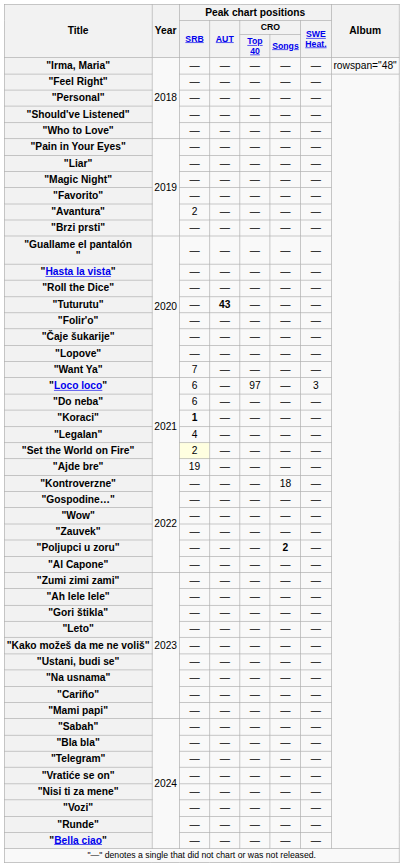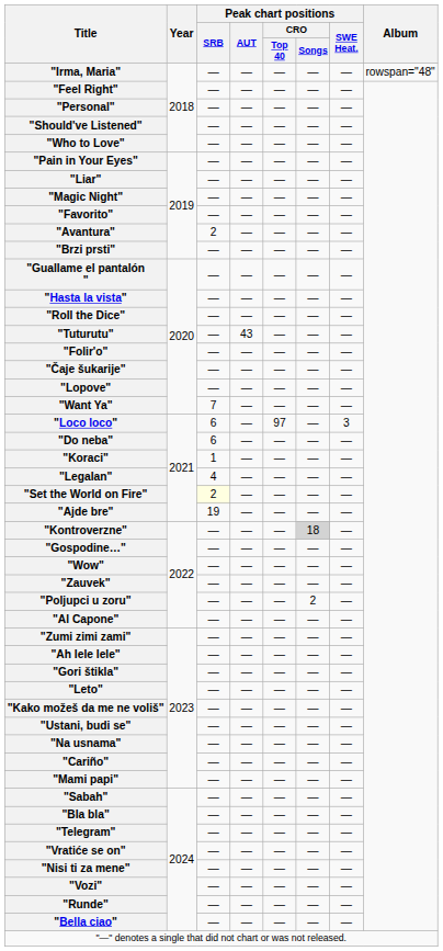 <table class="wikitable plainrowheaders" style="text-align:center;">
 <tr>
 <th rowspan="3" scope="col">Title</th>
 <th rowspan="3" scope="col">Year</th>
 <th colspan="5" scope="col">Peak chart positions</th>
 <th rowspan="3" scope="col">Album</th>
 </tr>
 <tr>
 <th rowspan="2" scope="col" style="width:3em; font-size:85%;"><a href='#'>SRB</a><br></th>
 <th rowspan="2" scope="col" style="width:3em; font-size:85%;"><a href='#'>AUT</a><br></th>
 <th colspan="2" scope="col" style="width:3em; font-size:85%;">CRO</th>
 <th rowspan="2" scope="col" style="width:3em; font-size:85%;"><a href='#'>SWE<br>Heat.</a><br></th>
 </tr>
 <tr>
 <th rowspan="1" scope="col" style="width:3em; font-size:85%;"><a href='#'>Top 40</a><br></th>
 <th rowspan="1" scope="col" style="width:3em; font-size:85%;"><a href='#'>Songs</a><br></th>
 </tr>
 <tr>
 <th scope="row">"Irma, Maria"</th>
 <td rowspan="5">2018</td>
 <td>—</td>
 <td>—</td>
 <td>—</td>
 <td>—</td>
 <td>—</td>
 <td>rowspan="48" </td>
 </tr>
 <tr>
 <th scope="row">"Feel Right"</th>
 <td>—</td>
 <td>—</td>
 <td>—</td>
 <td>—</td>
 <td>—</td>
 </tr>
 <tr>
 <th scope="row">"Personal"</th>
 <td>—</td>
 <td>—</td>
 <td>—</td>
 <td>—</td>
 <td>—</td>
 </tr>
 <tr>
 <th scope="row">"Should've Listened"</th>
 <td>—</td>
 <td>—</td>
 <td>—</td>
 <td>—</td>
 <td>—</td>
 </tr>
 <tr>
 <th scope="row">"Who to Love"</th>
 <td>—</td>
 <td>—</td>
 <td>—</td>
 <td>—</td>
 <td>—</td>
 </tr>
 <tr>
 <th scope="row">"Pain in Your Eyes"</th>
 <td rowspan="6">2019</td>
 <td>—</td>
 <td>—</td>
 <td>—</td>
 <td>—</td>
 <td>—</td>
 </tr>
 <tr>
 <th scope="row">"Liar"</th>
 <td>—</td>
 <td>—</td>
 <td>—</td>
 <td>—</td>
 <td>—</td>
 </tr>
 <tr>
 <th scope="row">"Magic Night"</th>
 <td>—</td>
 <td>—</td>
 <td>—</td>
 <td>—</td>
 <td>—</td>
 </tr>
 <tr>
 <th scope="row">"Favorito"</th>
 <td>—</td>
 <td>—</td>
 <td>—</td>
 <td>—</td>
 <td>—</td>
 </tr>
 <tr>
 <th scope="row">"Avantura"</th>
 <td>2</td>
 <td>—</td>
 <td>—</td>
 <td>—</td>
 <td>—</td>
 </tr>
 <tr>
 <th scope="row">"Brzi prsti"</th>
 <td>—</td>
 <td>—</td>
 <td>—</td>
 <td>—</td>
 <td>—</td>
 </tr>
 <tr>
 <th scope="row">"Guallame el pantalón<br>"</th>
 <td rowspan="8">2020</td>
 <td>—</td>
 <td>—</td>
 <td>—</td>
 <td>—</td>
 <td>—</td>
 </tr>
 <tr>
 <th scope="row">"<a href='#'>Hasta la vista</a>"</th>
 <td>—</td>
 <td>—</td>
 <td>—</td>
 <td>—</td>
 <td>—</td>
 </tr>
 <tr>
 <th scope="row">"Roll the Dice"</th>
 <td>—</td>
 <td>—</td>
 <td>—</td>
 <td>—</td>
 <td>—</td>
 </tr>
 <tr>
 <th scope="row">"Tuturutu"<br></th>
 <td>—</td>
-<td><strong>43</strong></td>
+<td>43</td>
 <td>—</td>
 <td>—</td>
 <td>—</td>
 </tr>
 <tr>
 <th scope="row">"Folir'o"</th>
 <td>—</td>
 <td>—</td>
 <td>—</td>
 <td>—</td>
 <td>—</td>
 </tr>
 <tr>
 <th scope="row">"Čaje šukarije"</th>
 <td>—</td>
 <td>—</td>
 <td>—</td>
 <td>—</td>
 <td>—</td>
 </tr>
 <tr>
 <th scope="row">"Lopove"</th>
 <td>—</td>
 <td>—</td>
 <td>—</td>
 <td>—</td>
 <td>—</td>
 </tr>
 <tr>
 <th scope="row">"Want Ya"</th>
 <td>7</td>
 <td>—</td>
 <td>—</td>
 <td>—</td>
 <td>—</td>
 </tr>
 <tr>
 <th scope="row">"<a href='#'>Loco loco</a>"</th>
 <td rowspan="6">2021</td>
 <td>6</td>
 <td>—</td>
 <td>97</td>
 <td>—</td>
 <td>3</td>
 </tr>
 <tr>
 <th scope="row">"Do neba"</th>
 <td>6</td>
 <td>—</td>
 <td>—</td>
 <td>—</td>
 <td>—</td>
 </tr>
 <tr>
 <th scope="row">"Koraci"</th>
-<td><strong>1</strong></td>
+<td>1</td>
 <td>—</td>
 <td>—</td>
 <td>—</td>
 <td>—</td>
 </tr>
 <tr>
 <th scope="row">"Legalan"</th>
 <td>4</td>
 <td>—</td>
 <td>—</td>
 <td>—</td>
 <td>—</td>
 </tr>
 <tr>
 <th scope="row">"Set the World on Fire"</th>
 <td style="background: lightyellow;">2</td>
 <td>—</td>
 <td>—</td>
 <td>—</td>
 <td>—</td>
 </tr>
 <tr>
 <th scope="row">"Ajde bre"</th>
 <td>19</td>
 <td>—</td>
 <td>—</td>
 <td>—</td>
 <td>—</td>
 </tr>
 <tr>
 <th scope="row">"Kontroverzne"<br></th>
 <td rowspan="6">2022</td>
 <td>—</td>
 <td>—</td>
 <td>—</td>
-<td>18</td>
+<td style="background: lightgrey;">18</td>
 <td>—</td>
 </tr>
 <tr>
 <th scope="row">"Gospodine…"</th>
 <td>—</td>
 <td>—</td>
 <td>—</td>
 <td>—</td>
 <td>—</td>
 </tr>
 <tr>
 <th scope="row">"Wow"</th>
 <td>—</td>
 <td>—</td>
 <td>—</td>
 <td>—</td>
 <td>—</td>
 </tr>
 <tr>
 <th scope="row">"Zauvek"</th>
 <td>—</td>
 <td>—</td>
 <td>—</td>
 <td>—</td>
 <td>—</td>
 </tr>
 <tr>
 <th scope="row">"Poljupci u zoru"</th>
 <td>—</td>
 <td>—</td>
 <td>—</td>
-<td><strong>2</strong></td>
+<td>2</td>
 <td>—</td>
 </tr>
 <tr>
 <th scope="row">"Al Capone"</th>
 <td>—</td>
 <td>—</td>
 <td>—</td>
 <td>—</td>
 <td>—</td>
 </tr>
 <tr>
 <th scope="row">"Zumi zimi zami"</th>
 <td rowspan="9">2023</td>
 <td>—</td>
 <td>—</td>
 <td>—</td>
 <td>—</td>
 <td>—</td>
 </tr>
 <tr>
 <th scope="row">"Ah lele lele"</th>
 <td>—</td>
 <td>—</td>
 <td>—</td>
 <td>—</td>
 <td>—</td>
 </tr>
 <tr>
 <th scope="row">"Gori štikla"</th>
 <td>—</td>
 <td>—</td>
 <td>—</td>
 <td>—</td>
 <td>—</td>
 </tr>
 <tr>
 <th scope="row">"Leto"</th>
 <td>—</td>
 <td>—</td>
 <td>—</td>
 <td>—</td>
 <td>—</td>
 </tr>
 <tr>
 <th scope="row">"Kako možeš da me ne voliš"</th>
 <td>—</td>
 <td>—</td>
 <td>—</td>
 <td>—</td>
 <td>—</td>
 </tr>
 <tr>
 <th scope="row">"Ustani, budi se"</th>
 <td>—</td>
 <td>—</td>
 <td>—</td>
 <td>—</td>
 <td>—</td>
 </tr>
 <tr>
 <th scope="row">"Na usnama"</th>
 <td>—</td>
 <td>—</td>
 <td>—</td>
 <td>—</td>
 <td>—</td>
 </tr>
 <tr>
 <th scope="row">"Cariño"</th>
 <td>—</td>
 <td>—</td>
 <td>—</td>
 <td>—</td>
 <td>—</td>
 </tr>
 <tr>
 <th scope="row">"Mami papi"<br></th>
 <td>—</td>
 <td>—</td>
 <td>—</td>
 <td>—</td>
 <td>—</td>
 </tr>
 <tr>
 <th scope="row">"Sabah"</th>
 <td rowspan="8">2024</td>
 <td>—</td>
 <td>—</td>
 <td>—</td>
 <td>—</td>
 <td>—</td>
 </tr>
 <tr>
 <th scope="row">"Bla bla"</th>
 <td>—</td>
 <td>—</td>
 <td>—</td>
 <td>—</td>
 <td>—</td>
 </tr>
 <tr>
 <th scope="row">"Telegram"</th>
 <td>—</td>
 <td>—</td>
 <td>—</td>
 <td>—</td>
 <td>—</td>
 </tr>
 <tr>
 <th scope="row">"Vratiće se on"</th>
 <td>—</td>
 <td>—</td>
 <td>—</td>
 <td>—</td>
 <td>—</td>
 </tr>
 <tr>
 <th scope="row">"Nisi ti za mene"<br></th>
 <td>—</td>
 <td>—</td>
 <td>—</td>
 <td>—</td>
 <td>—</td>
 </tr>
 <tr>
 <th scope="row">"Vozi"</th>
 <td>—</td>
 <td>—</td>
 <td>—</td>
 <td>—</td>
 <td>—</td>
 </tr>
 <tr>
 <th scope="row">"Runde"</th>
 <td>—</td>
 <td>—</td>
 <td>—</td>
 <td>—</td>
 <td>—</td>
 </tr>
 <tr>
 <th scope="row">"<a href='#'>Bella ciao</a>"</th>
 <td>—</td>
 <td>—</td>
 <td>—</td>
 <td>—</td>
 <td>—</td>
 </tr>
 <tr>
 <td colspan="22" style="text-align:center; font-size:85%;">"—" denotes a single that did not chart or was not released.</td>
 </tr>
 </table>
